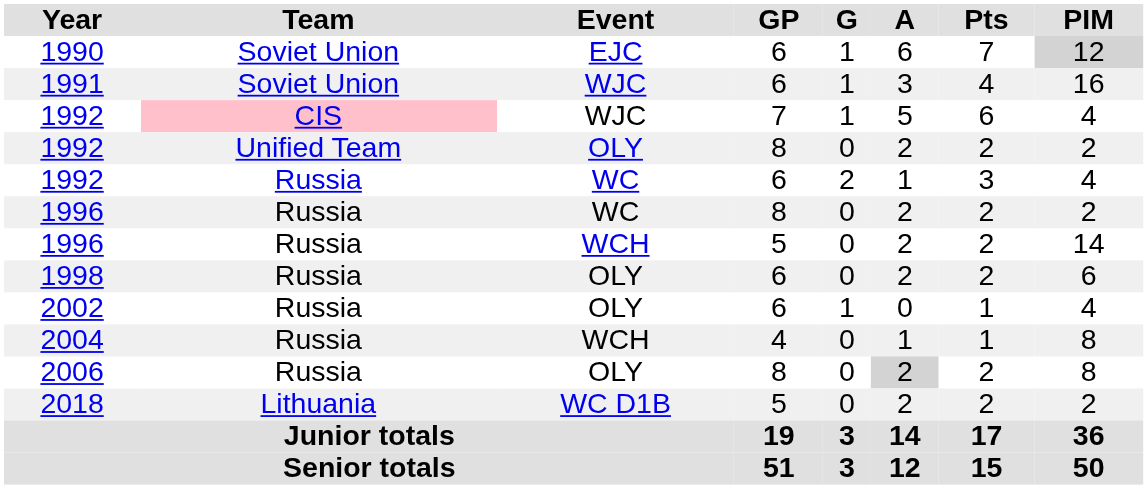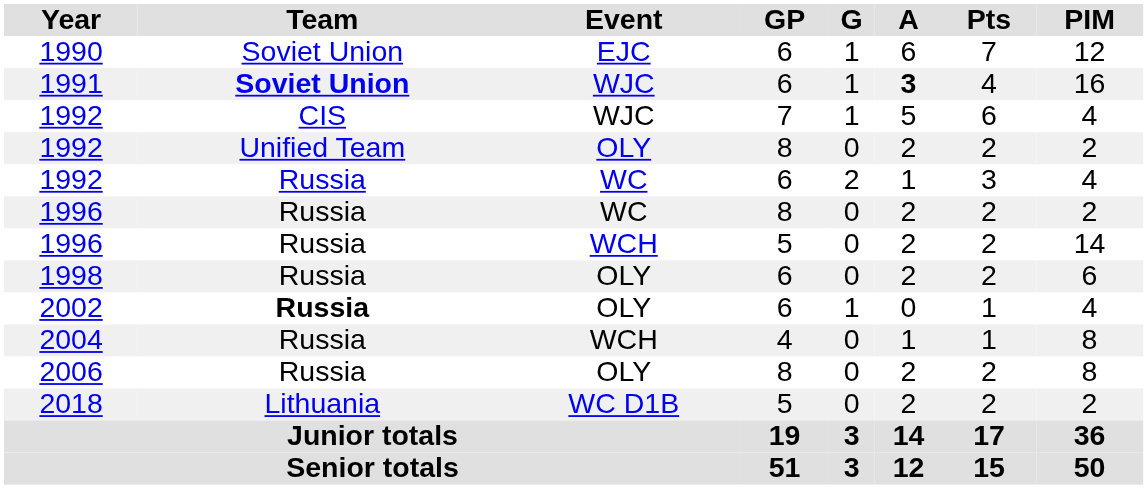 <table border="0" cellpadding="0" cellspacing="0" ID="Table3" style="text-align:center; width:40em">
 <tr bgcolor="#e0e0e0">
 <th>Year</th>
 <th>Team</th>
 <th>Event</th>
 <th rowspan="102" bgcolor="#ffffff"></th>
 <th>GP</th>
 <th>G</th>
 <th>A</th>
 <th>Pts</th>
 <th>PIM</th>
 </tr>
 <tr>
 <td><a href='#'>1990</a></td>
 <td><a href='#'>Soviet Union</a></td>
 <td><a href='#'>EJC</a></td>
 <td>6</td>
 <td>1</td>
 <td>6</td>
 <td>7</td>
-<td style="background: lightgrey;">12</td>
+<td>12</td>
 </tr>
 <tr bgcolor="#f0f0f0">
 <td><a href='#'>1991</a></td>
-<td><a href='#'>Soviet Union</a></td>
+<td><strong><a href='#'>Soviet Union</a></strong></td>
 <td><a href='#'>WJC</a></td>
 <td>6</td>
 <td>1</td>
-<td>3</td>
+<td><strong>3</strong></td>
 <td>4</td>
 <td>16</td>
 </tr>
 <tr>
 <td><a href='#'>1992</a></td>
-<td style="background: pink;"><a href='#'>CIS</a></td>
+<td><a href='#'>CIS</a></td>
 <td>WJC</td>
 <td>7</td>
 <td>1</td>
 <td>5</td>
 <td>6</td>
 <td>4</td>
 </tr>
 <tr bgcolor="#f0f0f0">
 <td><a href='#'>1992</a></td>
 <td><a href='#'>Unified Team</a></td>
 <td><a href='#'>OLY</a></td>
 <td>8</td>
 <td>0</td>
 <td>2</td>
 <td>2</td>
 <td>2</td>
 </tr>
 <tr>
 <td><a href='#'>1992</a></td>
 <td><a href='#'>Russia</a></td>
 <td><a href='#'>WC</a></td>
 <td>6</td>
 <td>2</td>
 <td>1</td>
 <td>3</td>
 <td>4</td>
 </tr>
 <tr bgcolor="#f0f0f0">
 <td><a href='#'>1996</a></td>
 <td>Russia</td>
 <td>WC</td>
 <td>8</td>
 <td>0</td>
 <td>2</td>
 <td>2</td>
 <td>2</td>
 </tr>
 <tr>
 <td><a href='#'>1996</a></td>
 <td>Russia</td>
 <td><a href='#'>WCH</a></td>
 <td>5</td>
 <td>0</td>
 <td>2</td>
 <td>2</td>
 <td>14</td>
 </tr>
 <tr bgcolor="#f0f0f0">
 <td><a href='#'>1998</a></td>
 <td>Russia</td>
 <td>OLY</td>
 <td>6</td>
 <td>0</td>
 <td>2</td>
 <td>2</td>
 <td>6</td>
 </tr>
 <tr>
 <td><a href='#'>2002</a></td>
-<td>Russia</td>
+<td><strong>Russia</strong></td>
 <td>OLY</td>
 <td>6</td>
 <td>1</td>
 <td>0</td>
 <td>1</td>
 <td>4</td>
 </tr>
 <tr bgcolor="#f0f0f0">
 <td><a href='#'>2004</a></td>
 <td>Russia</td>
 <td>WCH</td>
 <td>4</td>
 <td>0</td>
 <td>1</td>
 <td>1</td>
 <td>8</td>
 </tr>
 <tr>
 <td><a href='#'>2006</a></td>
 <td>Russia</td>
 <td>OLY</td>
 <td>8</td>
 <td>0</td>
-<td style="background: lightgrey;">2</td>
+<td>2</td>
 <td>2</td>
 <td>8</td>
 </tr>
 <tr bgcolor="#f0f0f0">
 <td><a href='#'>2018</a></td>
 <td><a href='#'>Lithuania</a></td>
 <td><a href='#'>WC D1B</a></td>
 <td>5</td>
 <td>0</td>
 <td>2</td>
 <td>2</td>
 <td>2</td>
 </tr>
 <tr bgcolor="#e0e0e0">
 <th colspan=4>Junior totals</th>
 <th>19</th>
 <th>3</th>
 <th>14</th>
 <th>17</th>
 <th>36</th>
 </tr>
 <tr bgcolor="#e0e0e0">
 <th colspan=4>Senior totals</th>
 <th>51</th>
 <th>3</th>
 <th>12</th>
 <th>15</th>
 <th>50</th>
 </tr>
 </table>
